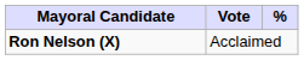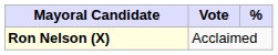 <table class="wikitable">
 <tr>
 <th style="background:#ddf; width:200px;">Mayoral Candidate </th>
 <th style="background:#ddf; width:50px;">Vote</th>
 <th style="background:#ddf; width:30px;">%</th>
 </tr>
 <tr>
-<td><strong>Ron Nelson (X)</strong></td>
+<td style="background: lightyellow;"><strong>Ron Nelson (X)</strong></td>
 <td colspan="2">Acclaimed</td>
 </tr>
 </table>
